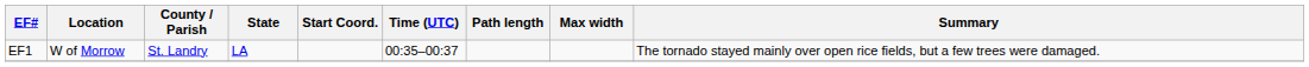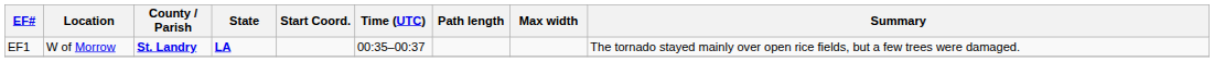 <table class="wikitable sortable" style="width:100%;">
 <tr>
 <th scope="col"  style="width:3%; text-align:center;"><a href='#'>EF#</a></th>
 <th scope="col"  style="width:7%; text-align:center;" class="unsortable">Location</th>
 <th scope="col"  style="width:6%; text-align:center;" class="unsortable">County / Parish</th>
 <th scope="col"  style="width:5%; text-align:center;">State</th>
 <th scope="col"  style="width:6%; text-align:center;">Start Coord.</th>
 <th scope="col"  style="width:6%; text-align:center;">Time (<a href='#'>UTC</a>)</th>
 <th scope="col"  style="width:6%; text-align:center;">Path length</th>
 <th scope="col"  style="width:6%; text-align:center;">Max width</th>
 <th scope="col" class="unsortable" style="width:48%; text-align:center;">Summary</th>
 </tr>
 <tr>
 <td>EF1</td>
 <td>W of <a href='#'>Morrow</a></td>
-<td><a href='#'>St. Landry</a></td>
-<td><a href='#'>LA</a></td>
+<td><strong><a href='#'>St. Landry</a></strong></td>
+<td><strong><a href='#'>LA</a></strong></td>
 <td></td>
 <td>00:35–00:37</td>
 <td></td>
 <td></td>
 <td>The tornado stayed mainly over open rice fields, but a few trees were damaged.</td>
 </tr>
 <tr>
 </tr>
 </table>
